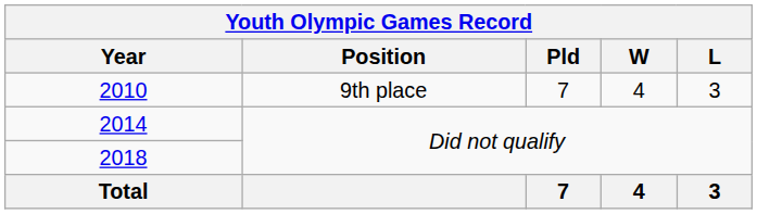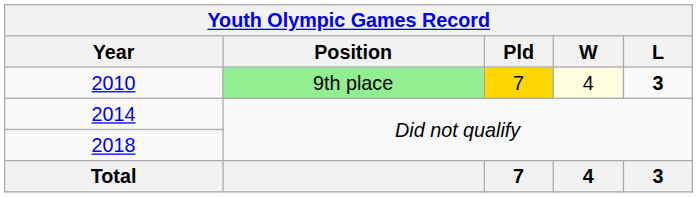 <table class="wikitable collapsible autocollapse" style="text-align: center; font-size:95%;" width=60%>
 <tr>
 <th colspan=9><a href='#'>Youth Olympic Games Record</a></th>
 </tr>
 <tr>
 <th width=25%>Year</th>
 <th width=30%>Position</th>
 <th width=8%>Pld</th>
 <th width=8%>W</th>
 <th width=8%>L</th>
 </tr>
 <tr>
 <td> <a href='#'>2010</a></td>
-<td>9th place</td>
-<td>7</td>
-<td>4</td>
-<td>3</td>
+<td style="background: lightgreen;">9th place</td>
+<td style="background: gold;">7</td>
+<td style="background: lightyellow;">4</td>
+<td><strong>3</strong></td>
 </tr>
 <tr>
 <td> <a href='#'>2014</a></td>
 <td rowspan=2 colspan=4><em>Did not qualify</em></td>
 </tr>
 <tr>
 <td> <a href='#'>2018</a></td>
 </tr>
 <tr>
 <th><strong>Total</strong></th>
 <th></th>
 <th>7</th>
 <th>4</th>
 <th>3</th>
 </tr>
 </table>
